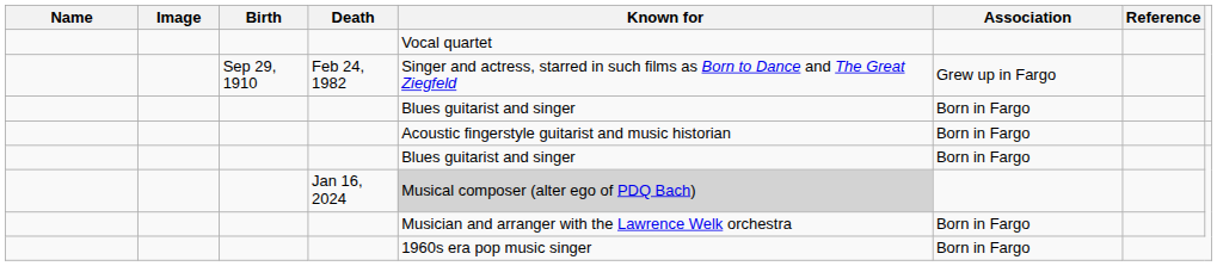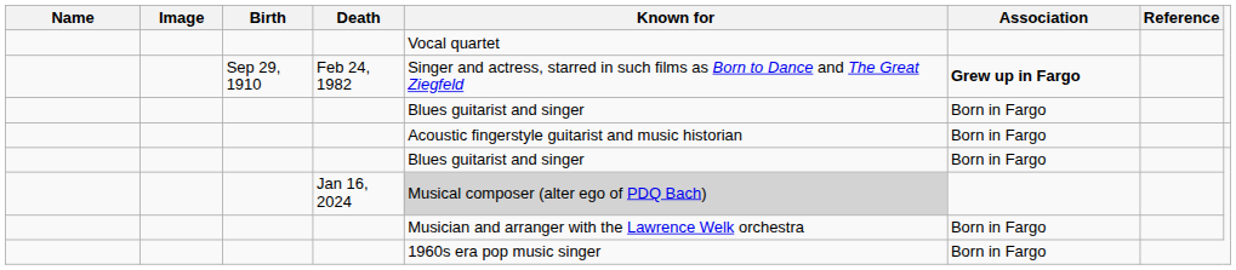 <table class="wikitable sortable">
 <tr>
 <th scope="col" width="140">Name</th>
 <th scope="col" width="80" class="unsortable">Image</th>
 <th scope="col" width="90">Birth</th>
 <th scope="col" width="90">Death</th>
 <th scope="col" width="600" class="unsortable">Known for</th>
 <th scope="col" width="200" class="unsortable">Association</th>
 <th scope="col" width="30" class="unsortable">Reference</th>
 </tr>
 <tr>
 <td></td>
 <td></td>
 <td></td>
 <td></td>
 <td>Vocal quartet</td>
 <td></td>
 <td align="center"></td>
 </tr>
 <tr>
 <td></td>
 <td></td>
 <td>Sep 29, 1910</td>
 <td>Feb 24, 1982</td>
 <td>Singer and actress, starred in such films as <em><a href='#'>Born to Dance</a></em> and <em><a href='#'>The Great Ziegfeld</a></em></td>
-<td>Grew up in Fargo</td>
+<td><strong>Grew up in Fargo</strong></td>
 <td></td>
 </tr>
 <tr>
 <td></td>
 <td></td>
 <td align=right></td>
 <td></td>
 <td>Blues guitarist and singer</td>
 <td>Born in Fargo</td>
 <td align="center"></td>
 </tr>
 <tr>
 <td></td>
 <td></td>
 <td align=right></td>
 <td></td>
 <td>Acoustic fingerstyle guitarist and music historian</td>
 <td>Born in Fargo</td>
 <td></td>
 <td align="center"></td>
 </tr>
 <tr>
 <td></td>
 <td></td>
 <td align=right></td>
 <td></td>
 <td>Blues guitarist and singer</td>
 <td>Born in Fargo</td>
 <td align="center"></td>
 </tr>
 <tr>
 <td></td>
 <td></td>
 <td align=right></td>
 <td>Jan 16, 2024</td>
 <td style="background: lightgrey;">Musical composer (alter ego of <a href='#'>PDQ Bach</a>)</td>
 <td></td>
 <td align="center"></td>
 </tr>
 <tr>
 <td></td>
 <td></td>
 <td align=right></td>
 <td align=right></td>
 <td>Musician and arranger with the <a href='#'>Lawrence Welk</a> orchestra</td>
 <td>Born in Fargo</td>
 <td align="center"></td>
 </tr>
 <tr>
 <td></td>
 <td></td>
 <td align=right></td>
 <td align=right></td>
 <td>1960s era pop music singer</td>
 <td>Born in Fargo</td>
 </tr>
 </table>
